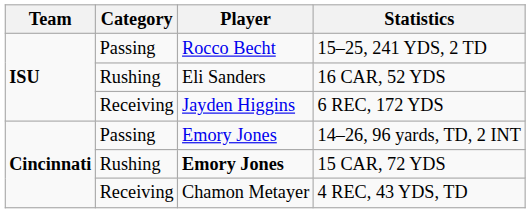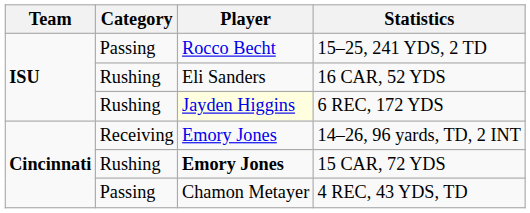 <table class="wikitable" style="float: right;">
 <tr>
 <th>Team</th>
 <th>Category</th>
 <th>Player</th>
 <th>Statistics</th>
 </tr>
 <tr>
 <td rowspan=3><strong>ISU</strong></td>
 <td>Passing</td>
 <td><a href='#'>Rocco Becht</a></td>
 <td>15–25, 241 YDS, 2 TD</td>
 </tr>
 <tr>
 <td>Rushing</td>
 <td>Eli Sanders</td>
 <td>16 CAR, 52 YDS</td>
 </tr>
 <tr>
-<td>Receiving</td>
-<td><a href='#'>Jayden Higgins</a></td>
+<td>Rushing</td>
+<td style="background: lightyellow;"><a href='#'>Jayden Higgins</a></td>
 <td>6 REC, 172 YDS</td>
 </tr>
 <tr>
 <td rowspan=3><strong>Cincinnati</strong></td>
-<td>Passing</td>
+<td>Receiving</td>
 <td><a href='#'>Emory Jones</a></td>
 <td>14–26, 96 yards, TD, 2 INT</td>
 </tr>
 <tr>
 <td>Rushing</td>
 <td><strong>Emory Jones</strong></td>
 <td>15 CAR, 72 YDS</td>
 </tr>
 <tr>
-<td>Receiving</td>
+<td>Passing</td>
 <td>Chamon Metayer</td>
 <td>4 REC, 43 YDS, TD</td>
 </tr>
 </table>
